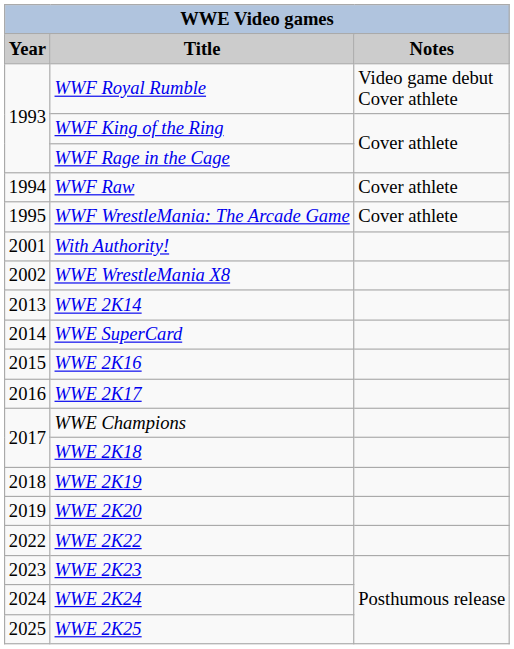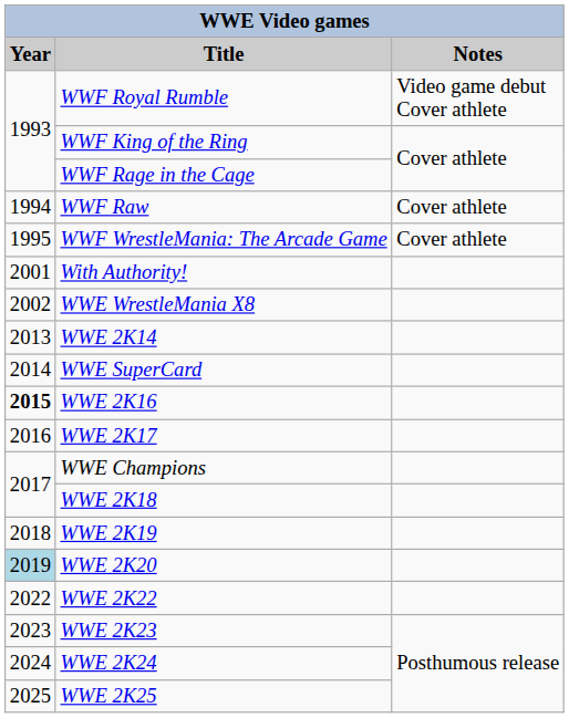 <table class="wikitable sortable">
 <tr style="text-align:center;">
 <th colspan=4 style="background:#B0C4DE;">WWE Video games</th>
 </tr>
 <tr style="text-align:center;">
 <th style="background:#ccc;">Year</th>
 <th style="background:#ccc;">Title</th>
 <th style="background:#ccc;">Notes</th>
 </tr>
 <tr>
 <td rowspan="3">1993</td>
 <td><em><a href='#'>WWF Royal Rumble</a></em></td>
 <td>Video game debut <br> Cover athlete</td>
 </tr>
 <tr>
 <td><em><a href='#'>WWF King of the Ring</a></em></td>
 <td rowspan="2">Cover athlete</td>
 </tr>
 <tr>
 <td><em><a href='#'>WWF Rage in the Cage</a></em></td>
 </tr>
 <tr>
 <td>1994</td>
 <td><em><a href='#'>WWF Raw</a></em></td>
 <td>Cover athlete</td>
 </tr>
 <tr>
 <td>1995</td>
 <td><em><a href='#'>WWF WrestleMania: The Arcade Game</a></em></td>
 <td>Cover athlete</td>
 </tr>
 <tr>
 <td>2001</td>
 <td><em><a href='#'>With Authority!</a></em></td>
 <td></td>
 </tr>
 <tr>
 <td>2002</td>
 <td><em><a href='#'>WWE WrestleMania X8</a></em></td>
 <td></td>
 </tr>
 <tr>
 <td>2013</td>
 <td><em><a href='#'>WWE 2K14</a></em></td>
 <td></td>
 </tr>
 <tr>
 <td>2014</td>
 <td><em><a href='#'>WWE SuperCard</a></em></td>
 <td></td>
 </tr>
 <tr>
-<td>2015</td>
+<td><strong>2015</strong></td>
 <td><em><a href='#'>WWE 2K16</a></em></td>
 <td></td>
 </tr>
 <tr>
 <td>2016</td>
 <td><em><a href='#'>WWE 2K17</a></em></td>
 <td></td>
 </tr>
 <tr>
 <td rowspan="2">2017</td>
 <td><em>WWE Champions</em></td>
 <td></td>
 </tr>
 <tr>
 <td><em><a href='#'>WWE 2K18</a></em></td>
 <td></td>
 </tr>
 <tr>
 <td>2018</td>
 <td><em><a href='#'>WWE 2K19</a></em></td>
 <td></td>
 </tr>
 <tr>
-<td>2019</td>
+<td style="background: lightblue;">2019</td>
 <td><em><a href='#'>WWE 2K20</a></em></td>
 <td></td>
 </tr>
 <tr>
 <td>2022</td>
 <td><em><a href='#'>WWE 2K22</a></em></td>
 <td></td>
 </tr>
 <tr>
 <td>2023</td>
 <td><em><a href='#'>WWE 2K23</a></em></td>
 <td rowspan="3">Posthumous release</td>
 </tr>
 <tr>
 <td>2024</td>
 <td><em><a href='#'>WWE 2K24</a></em></td>
 </tr>
 <tr>
 <td>2025</td>
 <td><em><a href='#'>WWE 2K25</a></em></td>
 </tr>
 </table>
